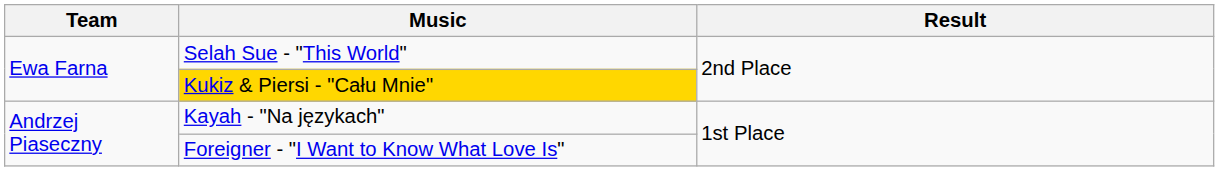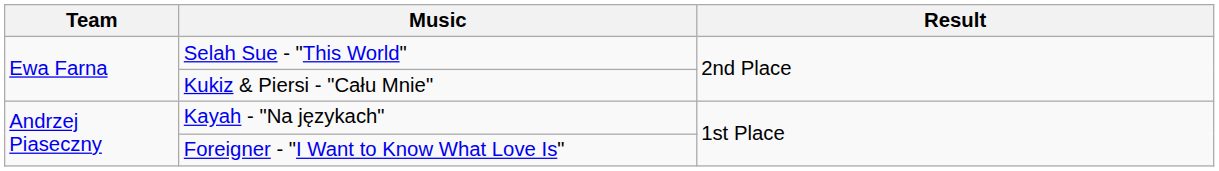 <table class="wikitable">
 <tr>
 <th style="width:130px;">Team</th>
 <th style="width:400px;">Music</th>
 <th style="width:400px;">Result</th>
 </tr>
 <tr>
 <td rowspan="2"><a href='#'>Ewa Farna</a></td>
 <td><a href='#'>Selah Sue</a> - "<a href='#'>This World</a>"</td>
 <td rowspan="2">2nd Place</td>
 </tr>
 <tr>
-<td style="background: gold;"><a href='#'>Kukiz</a> & Piersi - "Cału Mnie"</td>
+<td><a href='#'>Kukiz</a> & Piersi - "Cału Mnie"</td>
 </tr>
 <tr>
 <td rowspan="2"><a href='#'>Andrzej Piaseczny</a></td>
 <td><a href='#'>Kayah</a> - "Na językach"</td>
 <td rowspan="2">1st Place</td>
 </tr>
 <tr>
 <td><a href='#'>Foreigner</a> - "<a href='#'>I Want to Know What Love Is</a>"</td>
 </tr>
 </table>
